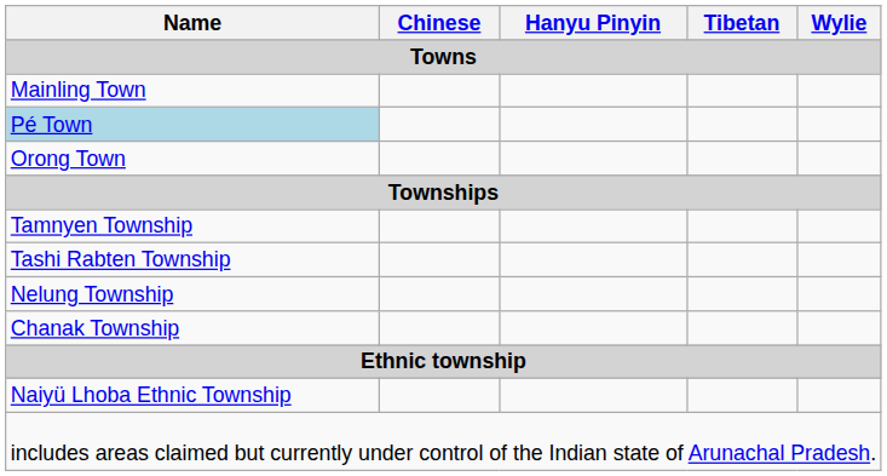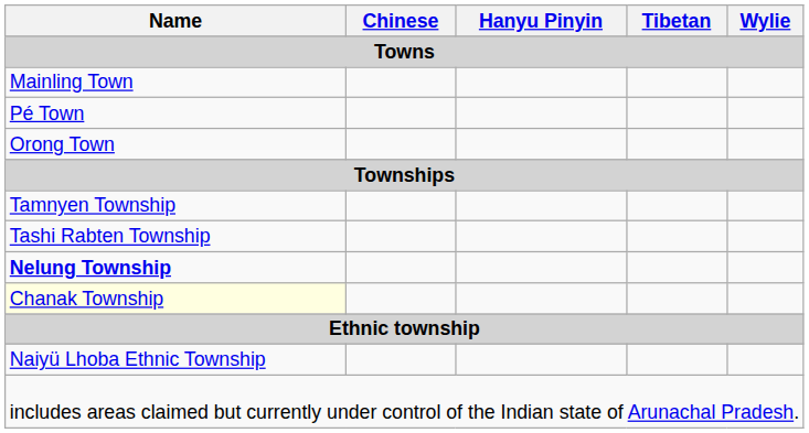 <table class="wikitable"  style="font-size:90%;" align=center>
 <tr>
 <th>Name</th>
 <th><a href='#'>Chinese</a></th>
 <th><a href='#'>Hanyu Pinyin</a></th>
 <th><a href='#'>Tibetan</a></th>
 <th><a href='#'>Wylie</a></th>
 </tr>
 <tr --------->
 <td colspan="5"  style="text-align:center; background:#d3d3d3;"><strong>Towns</strong></td>
 </tr>
 <tr --------->
 <td><a href='#'>Mainling Town</a></td>
 <td></td>
 <td></td>
 <td></td>
 <td></td>
 </tr>
 <tr>
-<td style="background: lightblue;"><a href='#'>Pé Town</a></td>
+<td><a href='#'>Pé Town</a></td>
 <td></td>
 <td></td>
 <td></td>
 <td></td>
 </tr>
 <tr>
 <td><a href='#'>Orong Town</a></td>
 <td></td>
 <td></td>
 <td></td>
 <td></td>
 </tr>
 <tr --------->
 <td colspan="5"  style="text-align:center; background:#d3d3d3;"><strong>Townships</strong></td>
 </tr>
 <tr --------->
 <td><a href='#'>Tamnyen Township</a></td>
 <td></td>
 <td></td>
 <td></td>
 <td></td>
 </tr>
 <tr>
 <td><a href='#'>Tashi Rabten Township</a></td>
 <td></td>
 <td></td>
 <td></td>
 <td></td>
 </tr>
 <tr>
-<td><a href='#'>Nelung Township</a></td>
+<td><strong><a href='#'>Nelung Township</a></strong></td>
 <td></td>
 <td></td>
 <td></td>
 <td></td>
 </tr>
 <tr>
-<td><a href='#'>Chanak Township</a></td>
+<td style="background: lightyellow;"><a href='#'>Chanak Township</a></td>
 <td></td>
 <td></td>
 <td></td>
 <td></td>
 </tr>
 <tr --------->
 <td colspan="5"  style="text-align:center; background:#d3d3d3;"><strong>Ethnic township</strong></td>
 </tr>
 <tr --------->
 <td><a href='#'>Naiyü Lhoba Ethnic Township</a></td>
 <td></td>
 <td></td>
 <td></td>
 <td></td>
 </tr>
 <tr>
 <td colspan="8"><div><br> includes areas claimed but currently under control of the Indian state of <a href='#'>Arunachal Pradesh</a>. </div></td>
 </tr>
 </table>
